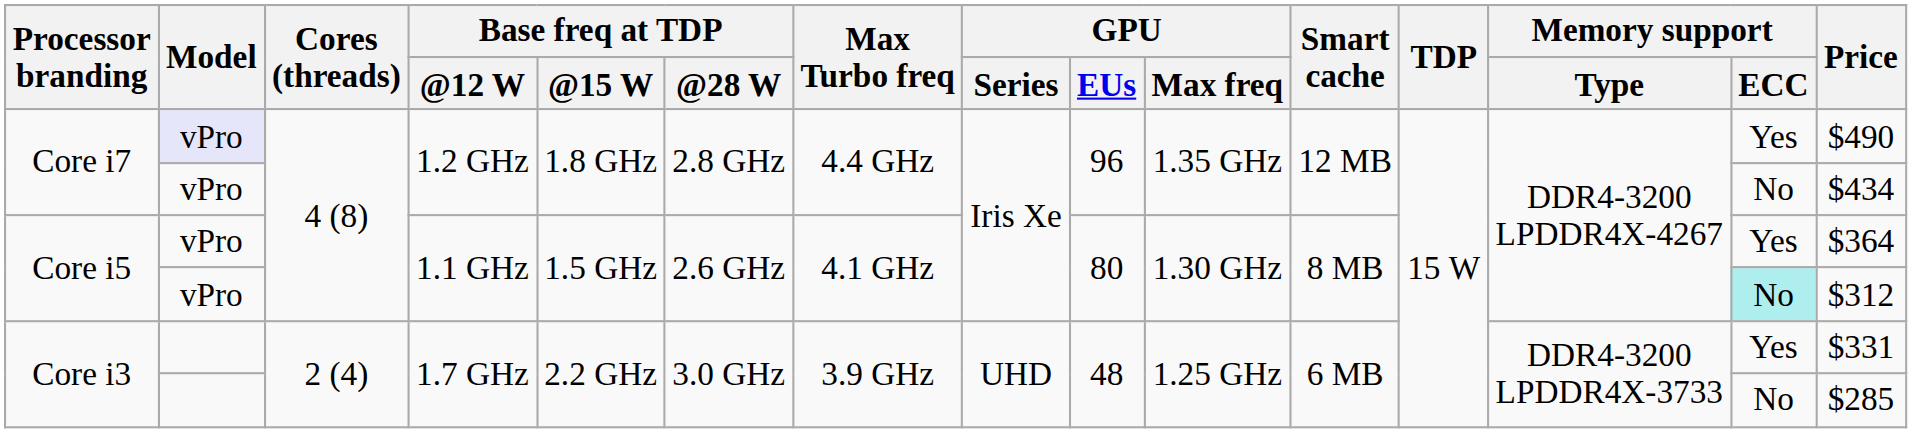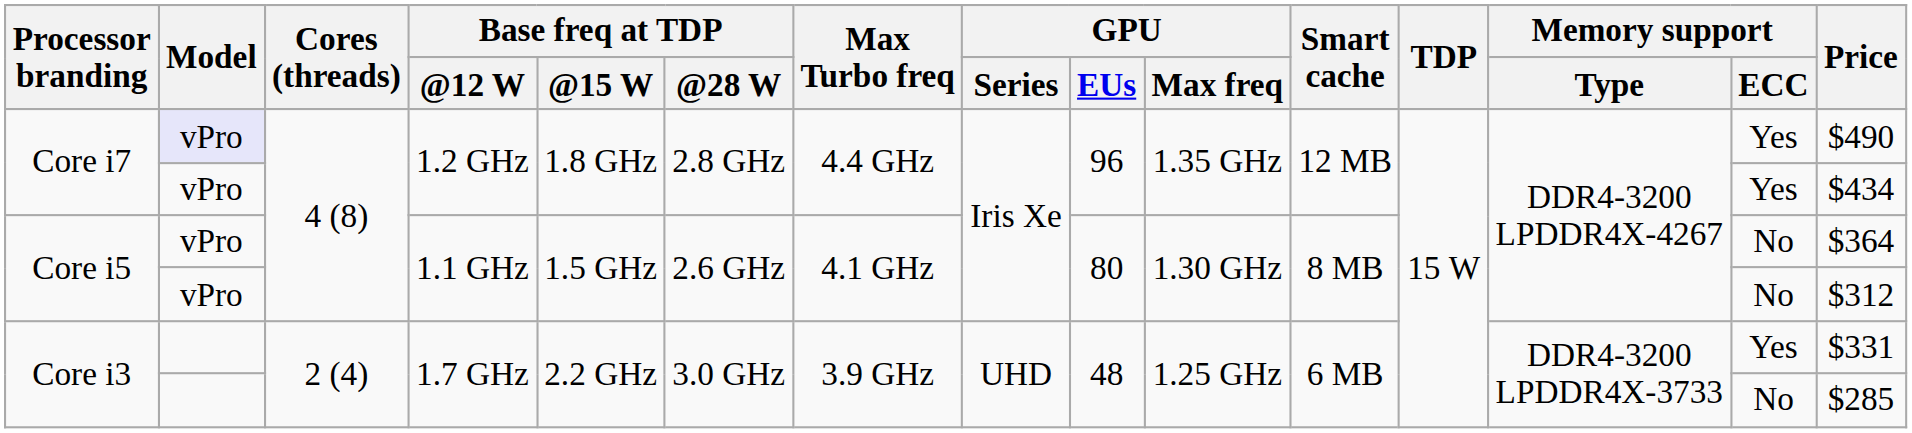 <table class="wikitable sortable" style="text-align: center;">
 <tr>
 <th rowspan="2">Processor<br>branding</th>
 <th rowspan="2">Model</th>
 <th rowspan="2">Cores<br>(threads)</th>
 <th colspan="3">Base freq at TDP</th>
 <th rowspan="2">Max<br>Turbo freq</th>
 <th colspan="3">GPU</th>
 <th rowspan="2">Smart<br>cache</th>
 <th rowspan="2">TDP</th>
 <th colspan="2">Memory support</th>
 <th rowspan="2">Price</th>
 </tr>
 <tr style="line-height:110%;">
 <th>@12 W</th>
 <th>@15 W</th>
 <th>@28 W</th>
 <th>Series</th>
 <th><a href='#'>EUs</a></th>
 <th>Max freq</th>
 <th>Type</th>
 <th>ECC</th>
 </tr>
 <tr>
 <td rowspan="2">Core i7</td>
 <td style="background: lavender;"> vPro</td>
 <td rowspan="4">4 (8)</td>
 <td rowspan="2">1.2 GHz</td>
 <td rowspan="2">1.8 GHz</td>
 <td rowspan="2">2.8 GHz</td>
 <td rowspan="2">4.4 GHz</td>
 <td rowspan="4">Iris Xe</td>
 <td rowspan="2">96</td>
 <td rowspan="2">1.35 GHz</td>
 <td rowspan="2">12 MB</td>
 <td rowspan="6">15 W</td>
 <td rowspan="4">DDR4-3200<br>LPDDR4X-4267</td>
 <td>Yes</td>
 <td>$490</td>
 </tr>
 <tr>
 <td> vPro</td>
-<td>No</td>
+<td>Yes</td>
 <td>$434</td>
 </tr>
 <tr>
 <td rowspan="2">Core i5</td>
 <td> vPro</td>
 <td rowspan="2">1.1 GHz</td>
 <td rowspan="2">1.5 GHz</td>
 <td rowspan="2">2.6 GHz</td>
 <td rowspan="2">4.1 GHz</td>
 <td rowspan="2">80</td>
 <td rowspan="2">1.30 GHz</td>
 <td rowspan="2">8 MB</td>
-<td>Yes</td>
+<td>No</td>
 <td>$364</td>
 </tr>
 <tr>
 <td> vPro</td>
-<td style="background: paleturquoise;">No</td>
+<td>No</td>
 <td>$312</td>
 </tr>
 <tr>
 <td rowspan="2">Core i3</td>
 <td></td>
 <td rowspan="2">2 (4)</td>
 <td rowspan="2">1.7 GHz</td>
 <td rowspan="2">2.2 GHz</td>
 <td rowspan="2">3.0 GHz</td>
 <td rowspan="2">3.9 GHz</td>
 <td rowspan="2">UHD</td>
 <td rowspan="2">48</td>
 <td rowspan="2">1.25 GHz</td>
 <td rowspan="2">6 MB</td>
 <td rowspan="2">DDR4-3200<br>LPDDR4X-3733</td>
 <td>Yes</td>
 <td>$331</td>
 </tr>
 <tr>
 <td></td>
 <td>No</td>
 <td>$285</td>
 </tr>
 </table>
